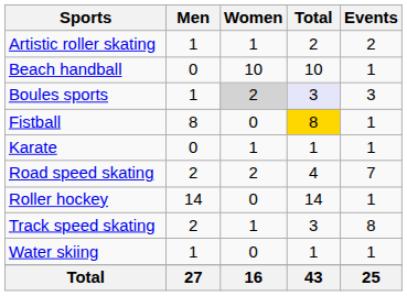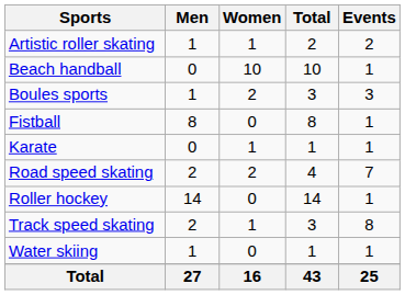 <table class="wikitable sortable" style="text-align:center;">
 <tr>
 <th width=150>Sports</th>
 <th width=45>Men</th>
 <th width=45>Women</th>
 <th width=45>Total</th>
 <th width=45>Events</th>
 </tr>
 <tr>
 <td align=left><a href='#'>Artistic roller skating</a></td>
 <td>1</td>
 <td>1</td>
 <td>2</td>
 <td>2</td>
 </tr>
 <tr>
 <td align=left><a href='#'>Beach handball</a></td>
 <td>0</td>
 <td>10</td>
 <td>10</td>
 <td>1</td>
 </tr>
 <tr>
 <td align=left><a href='#'>Boules sports</a></td>
 <td>1</td>
-<td style="background: lightgrey;">2</td>
-<td style="background: lavender;">3</td>
+<td>2</td>
+<td>3</td>
 <td>3</td>
 </tr>
 <tr>
 <td align=left><a href='#'>Fistball</a></td>
 <td>8</td>
 <td>0</td>
-<td style="background: gold;">8</td>
+<td>8</td>
 <td>1</td>
 </tr>
 <tr>
 <td align=left><a href='#'>Karate</a></td>
 <td>0</td>
 <td>1</td>
 <td>1</td>
 <td>1</td>
 </tr>
 <tr>
 <td align=left><a href='#'>Road speed skating</a></td>
 <td>2</td>
 <td>2</td>
 <td>4</td>
 <td>7</td>
 </tr>
 <tr>
 <td align=left><a href='#'>Roller hockey</a></td>
 <td>14</td>
 <td>0</td>
 <td>14</td>
 <td>1</td>
 </tr>
 <tr>
 <td align=left><a href='#'>Track speed skating</a></td>
 <td>2</td>
 <td>1</td>
 <td>3</td>
 <td>8</td>
 </tr>
 <tr>
 <td align=left><a href='#'>Water skiing</a></td>
 <td>1</td>
 <td>0</td>
 <td>1</td>
 <td>1</td>
 </tr>
 <tr>
 </tr>
 <tr class="sortbottom">
 <th>Total</th>
 <th>27</th>
 <th>16</th>
 <th>43</th>
 <th>25</th>
 </tr>
 </table>
